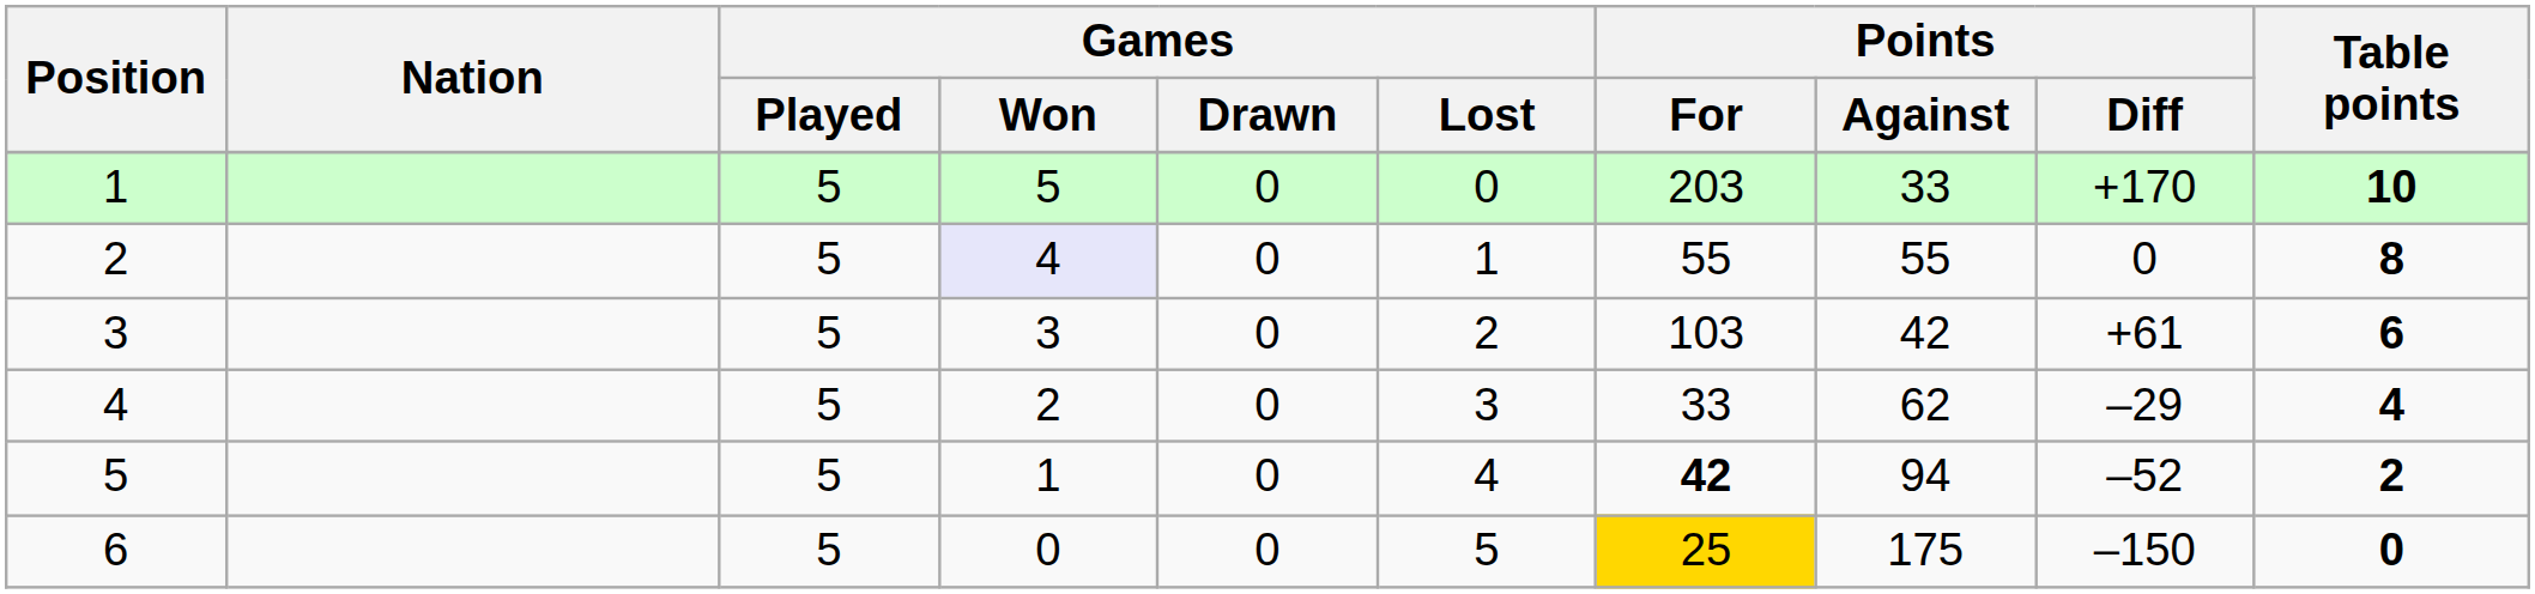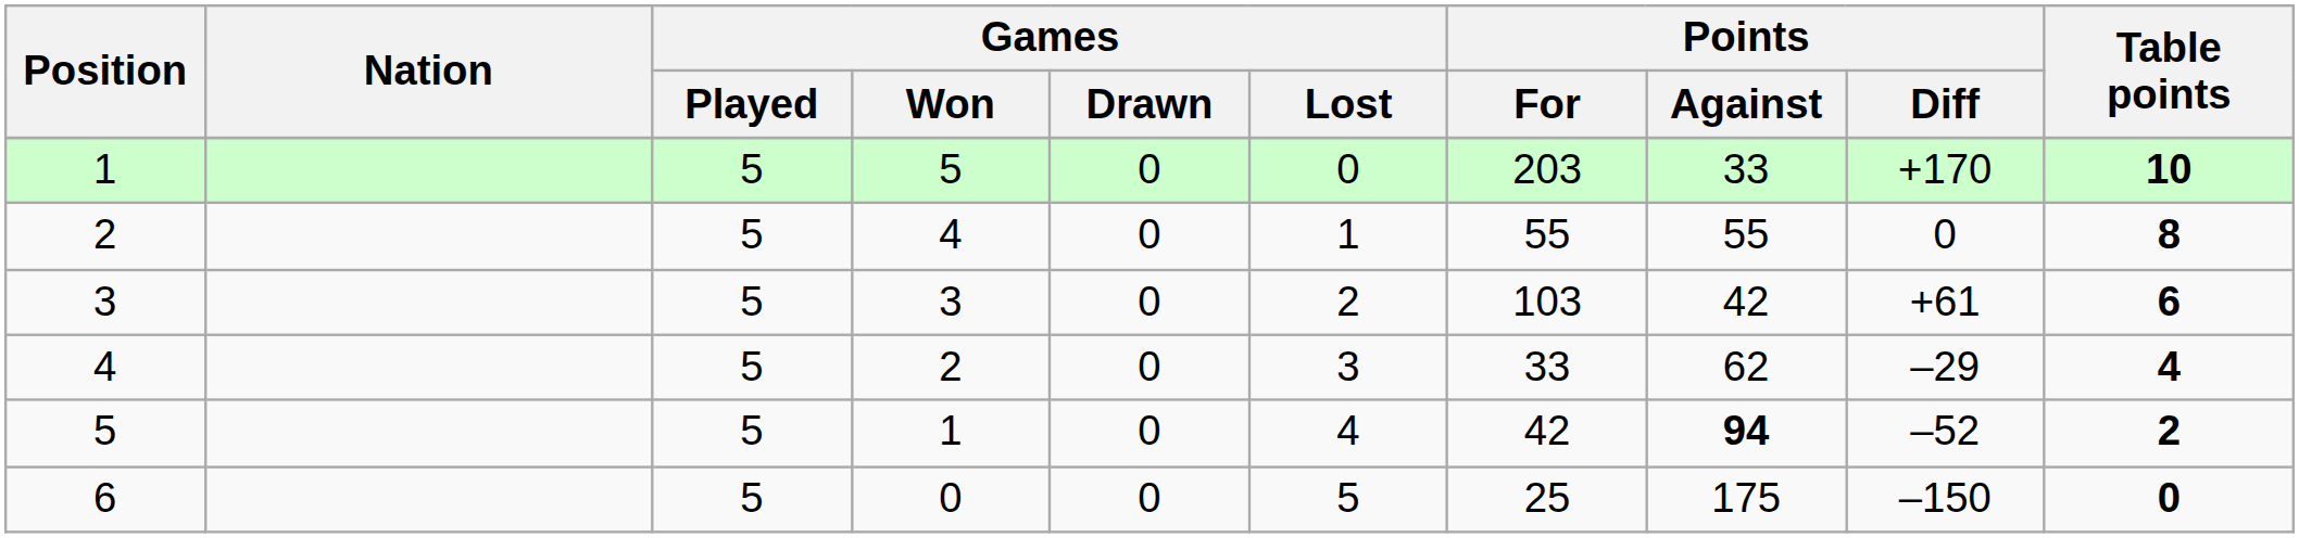 <table class="wikitable" style="text-align: center;">
 <tr>
 <th rowspan=2 width="8%">Position</th>
 <th rowspan=2 width="18%">Nation</th>
 <th colspan=4 width="32%">Games</th>
 <th colspan=3 width="16%">Points</th>
 <th rowspan=2 width="10%">Table<br>points</th>
 </tr>
 <tr>
 <th width="8%">Played</th>
 <th width="8%">Won</th>
 <th width="8%">Drawn</th>
 <th width="8%">Lost</th>
 <th width="8%">For</th>
 <th width="8%">Against</th>
 <th width="8%">Diff</th>
 </tr>
 <tr>
 </tr>
 <tr bgcolor=#ccffcc  align=center>
 <td>1</td>
 <td align=left></td>
 <td>5</td>
 <td>5</td>
 <td>0</td>
 <td>0</td>
 <td>203</td>
 <td>33</td>
 <td>+170</td>
 <td><strong>10</strong></td>
 </tr>
 <tr>
 <td>2</td>
 <td align=left></td>
 <td>5</td>
-<td style="background: lavender;">4</td>
+<td>4</td>
 <td>0</td>
 <td>1</td>
 <td>55</td>
 <td>55</td>
 <td>0</td>
 <td><strong>8</strong></td>
 </tr>
 <tr>
 <td>3</td>
 <td align=left></td>
 <td>5</td>
 <td>3</td>
 <td>0</td>
 <td>2</td>
 <td>103</td>
 <td>42</td>
 <td>+61</td>
 <td><strong>6</strong></td>
 </tr>
 <tr>
 <td>4</td>
 <td align=left></td>
 <td>5</td>
 <td>2</td>
 <td>0</td>
 <td>3</td>
 <td>33</td>
 <td>62</td>
 <td>–29</td>
 <td><strong>4</strong></td>
 </tr>
 <tr>
 <td>5</td>
 <td align=left></td>
 <td>5</td>
 <td>1</td>
 <td>0</td>
 <td>4</td>
-<td><strong>42</strong></td>
-<td>94</td>
+<td>42</td>
+<td><strong>94</strong></td>
 <td>–52</td>
 <td><strong>2</strong></td>
 </tr>
 <tr>
 <td>6</td>
 <td align=left></td>
 <td>5</td>
 <td>0</td>
 <td>0</td>
 <td>5</td>
-<td style="background: gold;">25</td>
+<td>25</td>
 <td>175</td>
 <td>–150</td>
 <td><strong>0</strong></td>
 </tr>
 </table>
